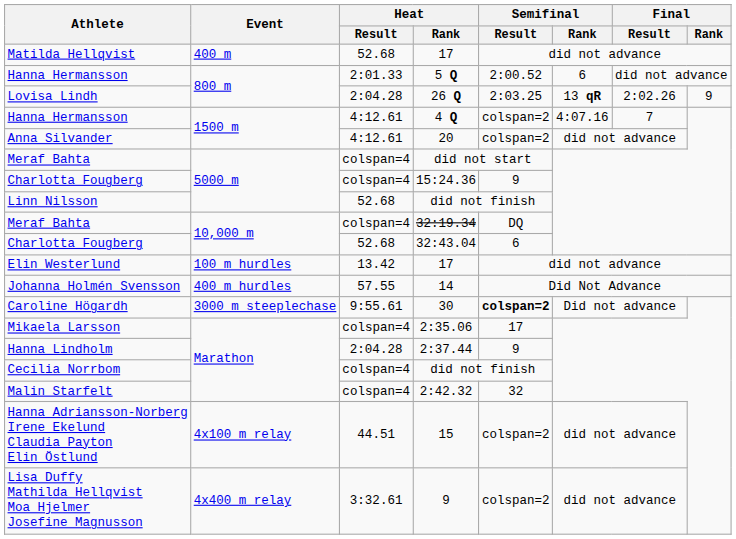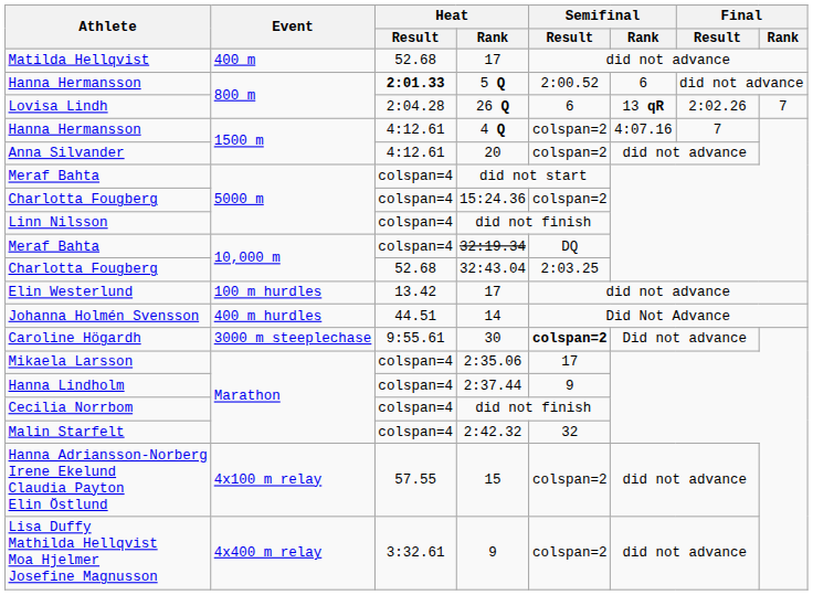 <table class="wikitable" style="font-size:90%">
 <tr>
 <th rowspan="2">Athlete</th>
 <th rowspan="2">Event</th>
 <th colspan="2">Heat</th>
 <th colspan="2">Semifinal</th>
 <th colspan="2">Final</th>
 </tr>
 <tr style="font-size:95%">
 <th>Result</th>
 <th>Rank</th>
 <th>Result</th>
 <th>Rank</th>
 <th>Result</th>
 <th>Rank</th>
 </tr>
 <tr align=center>
 <td align=left><a href='#'>Matilda Hellqvist</a></td>
 <td align=left><a href='#'>400 m</a></td>
 <td>52.68</td>
 <td>17</td>
 <td colspan=4>did not advance</td>
 </tr>
 <tr align=center>
 <td align=left><a href='#'>Hanna Hermansson</a></td>
 <td align=left rowspan=2><a href='#'>800 m</a></td>
-<td>2:01.33</td>
+<td><strong>2:01.33</strong></td>
 <td>5 <strong>Q</strong></td>
 <td>2:00.52</td>
 <td>6</td>
 <td colspan=2>did not advance</td>
 </tr>
 <tr align=center>
 <td align=left><a href='#'>Lovisa Lindh</a></td>
 <td>2:04.28</td>
 <td>26 <strong>Q</strong></td>
-<td>2:03.25</td>
+<td>6</td>
 <td>13 <strong>qR</strong></td>
 <td>2:02.26</td>
-<td>9</td>
+<td>7</td>
 </tr>
 <tr align=center>
 <td align=left><a href='#'>Hanna Hermansson</a></td>
 <td align=left rowspan=2><a href='#'>1500 m</a></td>
 <td>4:12.61</td>
 <td>4 <strong>Q</strong></td>
 <td>colspan=2 </td>
 <td>4:07.16</td>
 <td>7</td>
 </tr>
 <tr align=center>
 <td align=left><a href='#'>Anna Silvander</a></td>
 <td>4:12.61</td>
 <td>20</td>
 <td>colspan=2 </td>
 <td colspan=2>did not advance</td>
 </tr>
 <tr align=center>
 <td align=left><a href='#'>Meraf Bahta</a></td>
 <td align=left rowspan=3><a href='#'>5000 m</a></td>
 <td>colspan=4 </td>
 <td Colspan=2>did not start</td>
 </tr>
 <tr align=center>
 <td align=left><a href='#'>Charlotta Fougberg</a></td>
 <td>colspan=4 </td>
 <td>15:24.36</td>
-<td>9</td>
+<td>colspan=2 </td>
 </tr>
 <tr align=center>
 <td align=left><a href='#'>Linn Nilsson</a></td>
-<td>52.68</td>
+<td>colspan=4 </td>
 <td colspan=2>did not finish</td>
 </tr>
 <tr align=center>
 <td align=left><a href='#'>Meraf Bahta</a></td>
 <td align=left rowspan=2><a href='#'>10,000 m</a></td>
 <td>colspan=4 </td>
 <td><s>32:19.34</s></td>
 <td>DQ</td>
 </tr>
 <tr align=center>
 <td align=left><a href='#'>Charlotta Fougberg</a></td>
 <td>52.68</td>
 <td>32:43.04</td>
-<td>6</td>
+<td>2:03.25</td>
 </tr>
 <tr align=center>
 <td align=left><a href='#'>Elin Westerlund</a></td>
 <td align=left><a href='#'>100 m hurdles</a></td>
 <td>13.42</td>
 <td>17</td>
 <td colspan=4>did not advance</td>
 </tr>
 <tr align=center>
 <td align=left><a href='#'>Johanna Holmén Svensson</a></td>
 <td align=left><a href='#'>400 m hurdles</a></td>
-<td>57.55</td>
+<td>44.51</td>
 <td>14</td>
 <td colspan=4>Did Not Advance</td>
 </tr>
 <tr align=center>
 <td align=left><a href='#'>Caroline Högardh</a></td>
 <td align=left><a href='#'>3000 m steeplechase</a></td>
 <td>9:55.61</td>
 <td>30</td>
 <td><strong>colspan=2 </strong></td>
 <td colspan=2>Did not advance</td>
 </tr>
 <tr align=center>
 <td align=left><a href='#'>Mikaela Larsson</a></td>
 <td align=left rowspan=4><a href='#'>Marathon</a></td>
 <td>colspan=4 </td>
 <td>2:35.06</td>
 <td>17</td>
 </tr>
 <tr align=center>
 <td align=left><a href='#'>Hanna Lindholm</a></td>
-<td>2:04.28</td>
+<td>colspan=4 </td>
 <td>2:37.44</td>
 <td>9</td>
 </tr>
 <tr align=center>
 <td align=left><a href='#'>Cecilia Norrbom</a></td>
 <td>colspan=4 </td>
 <td colspan=2>did not finish</td>
 </tr>
 <tr align=center>
 <td align=left><a href='#'>Malin Starfelt</a></td>
 <td>colspan=4 </td>
 <td>2:42.32</td>
 <td>32</td>
 </tr>
 <tr align=center>
 <td align=left><a href='#'>Hanna Adriansson-Norberg</a><br><a href='#'>Irene Ekelund</a><br><a href='#'>Claudia Payton</a><br><a href='#'>Elin Östlund</a></td>
 <td align=left><a href='#'>4x100 m relay</a></td>
-<td>44.51</td>
+<td>57.55</td>
 <td>15</td>
 <td>colspan=2 </td>
 <td colspan=2>did not advance</td>
 </tr>
 <tr align=center>
 <td align=left><a href='#'>Lisa Duffy</a><br><a href='#'>Mathilda Hellqvist</a><br><a href='#'>Moa Hjelmer</a><br><a href='#'>Josefine Magnusson</a></td>
 <td align=left><a href='#'>4x400 m relay</a></td>
 <td>3:32.61</td>
 <td>9</td>
 <td>colspan=2 </td>
 <td colspan=2>did not advance</td>
 </tr>
 </table>
